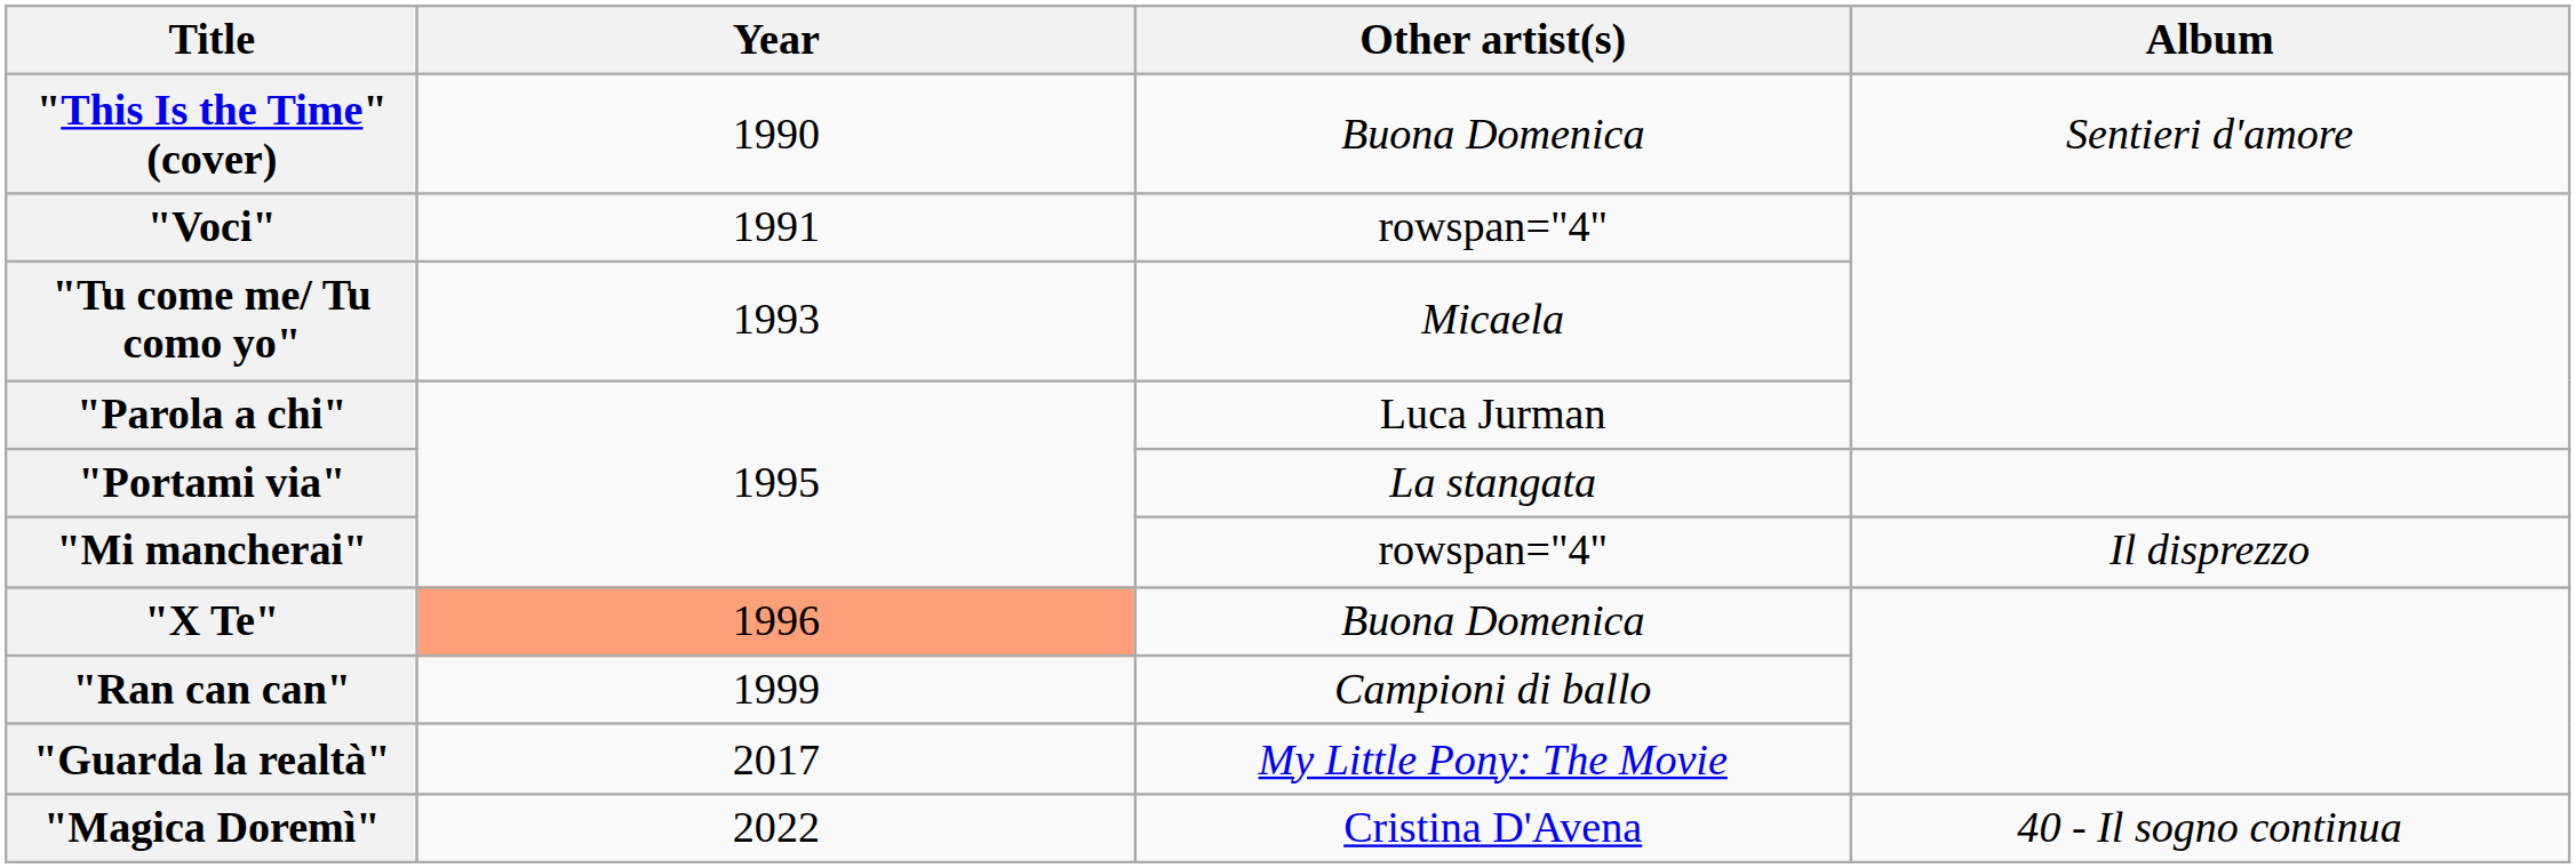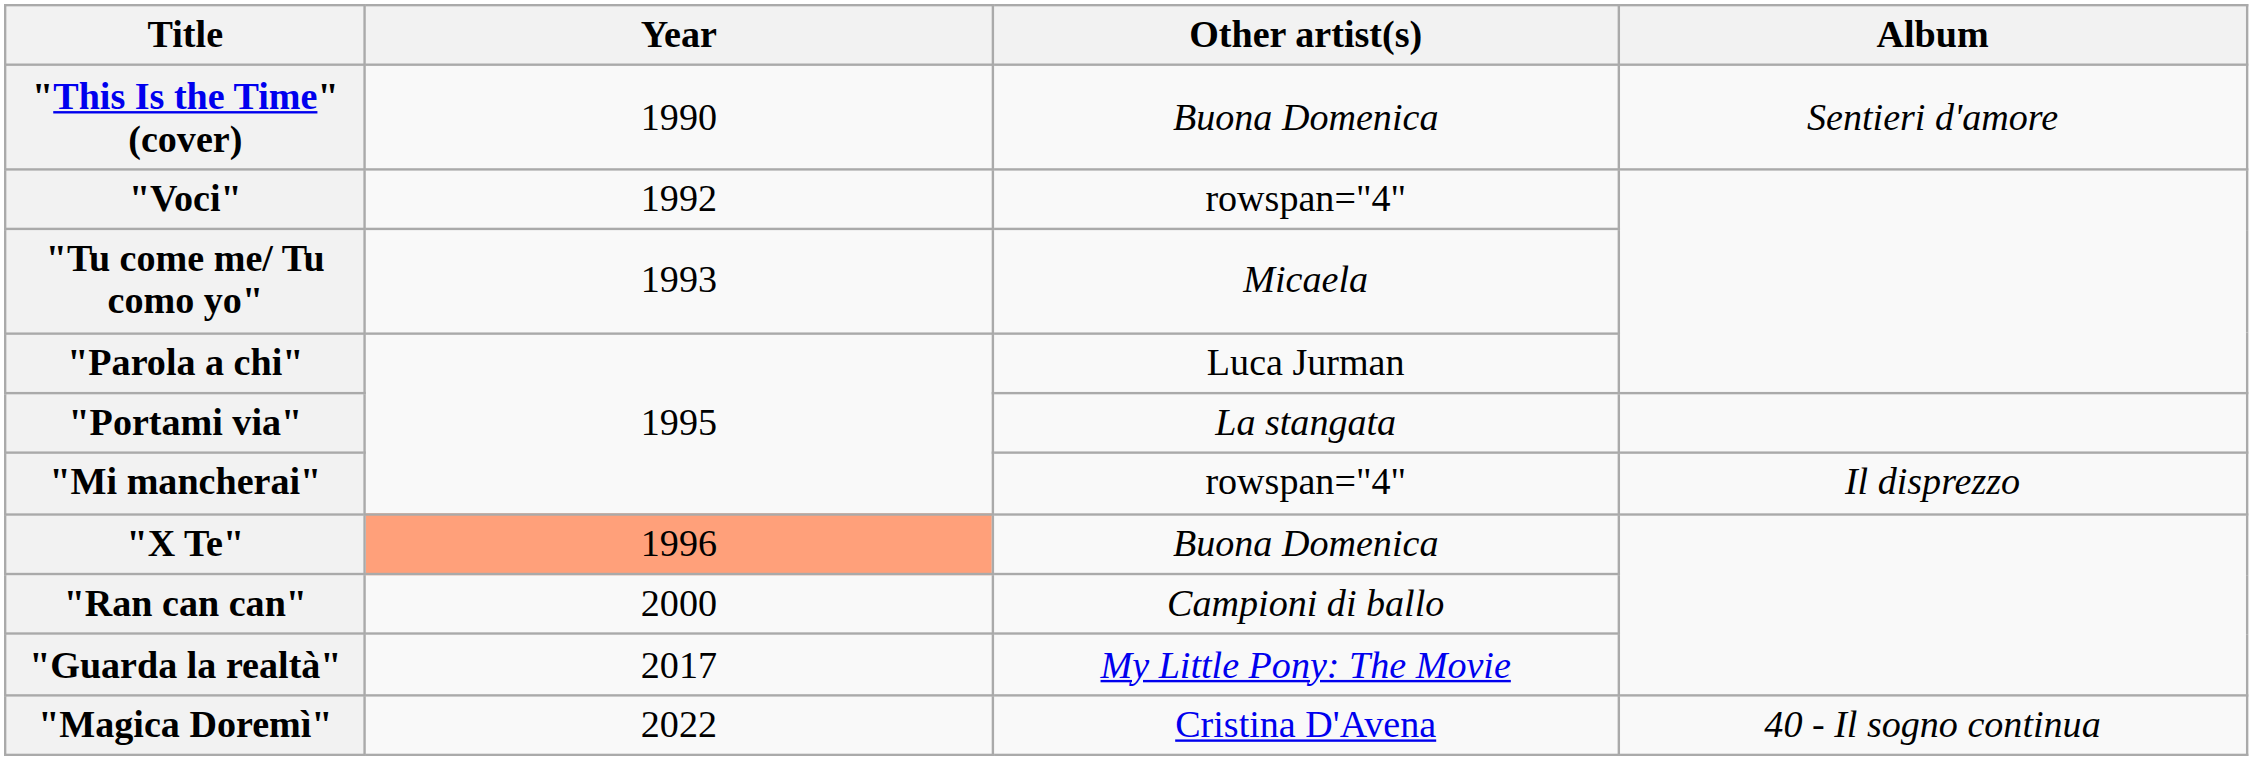 <table class="wikitable plainrowheaders" style="text-align:center;">
 <tr>
 <th scope="col" style="width:9em;">Title</th>
 <th scope="col" style="width:16em;">Year</th>
 <th scope="col" style="width:16em;">Other artist(s)</th>
 <th scope="col" style="width:16em;">Album</th>
 </tr>
 <tr>
 <th scope="row">"<a href='#'>This Is the Time</a>" (cover)</th>
 <td>1990</td>
 <td><em>Buona Domenica</em></td>
 <td><em>Sentieri d'amore</em></td>
 </tr>
 <tr>
 <th scope="row">"Voci"</th>
-<td>1991</td>
+<td>1992</td>
 <td>rowspan="4" </td>
 </tr>
 <tr>
 <th scope="row">"Tu come me/ Tu como yo"</th>
 <td>1993</td>
 <td><em>Micaela</em></td>
 </tr>
 <tr>
 <th scope="row">"Parola a chi"</th>
 <td rowspan="3">1995</td>
 <td>Luca Jurman</td>
 </tr>
 <tr>
 <th scope="row">"Portami via"</th>
 <td><em>La stangata</em></td>
 <td></td>
 </tr>
 <tr>
 <th scope="row">"Mi mancherai"</th>
 <td>rowspan="4" </td>
 <td><em>Il disprezzo</em></td>
 </tr>
 <tr>
 <th scope="row">"X Te"</th>
 <td style="background: lightsalmon;">1996</td>
 <td><em>Buona Domenica</em></td>
 </tr>
 <tr>
 <th scope="row">"Ran can can"</th>
-<td>1999</td>
+<td>2000</td>
 <td><em>Campioni di ballo</em></td>
 </tr>
 <tr>
 <th scope="row">"Guarda la realtà"</th>
 <td>2017</td>
 <td><em><a href='#'>My Little Pony: The Movie</a></em></td>
 </tr>
 <tr>
 <th scope="row">"Magica Doremì"</th>
 <td>2022</td>
 <td><a href='#'>Cristina D'Avena</a></td>
 <td><em>40 - Il sogno continua</em></td>
 </tr>
 </table>
